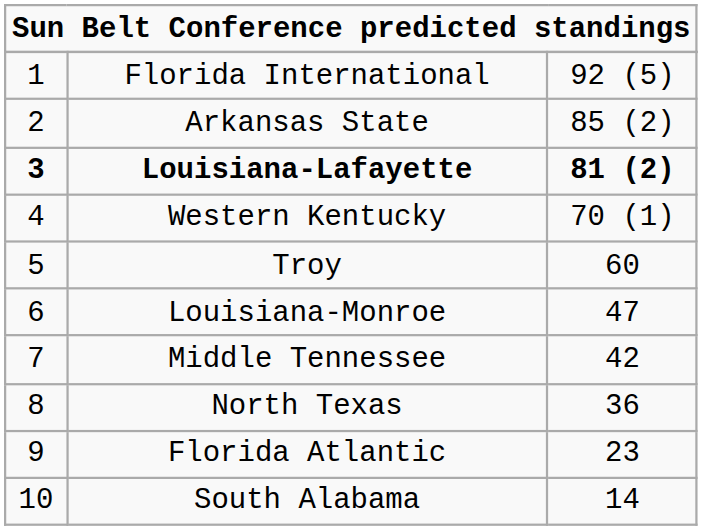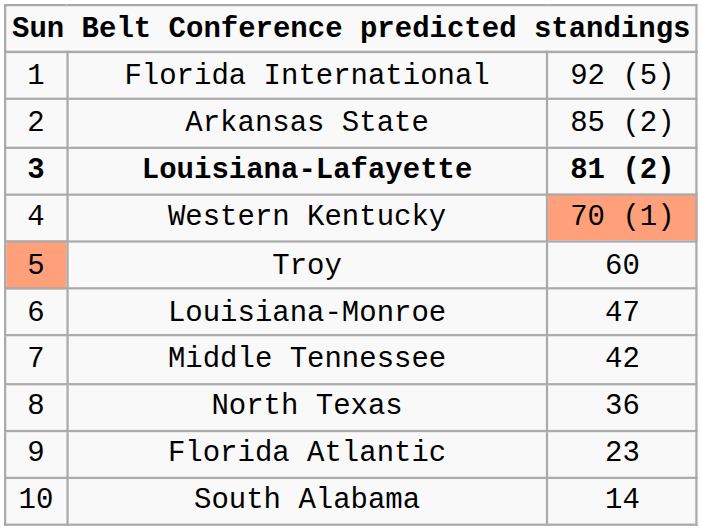 <table class= "wikitable">
 <tr align="center">
 <td align="center" Colspan="3"><strong>Sun Belt Conference predicted standings</strong></td>
 </tr>
 <tr align="center">
 </tr>
 <tr align="center">
 <td>1</td>
 <td>Florida International</td>
 <td>92 (5)</td>
 </tr>
 <tr align="center">
 <td>2</td>
 <td>Arkansas State</td>
 <td>85 (2)</td>
 </tr>
 <tr align="center">
 <td><strong>3</strong></td>
 <td><strong>Louisiana-Lafayette</strong></td>
 <td><strong>81 (2)</strong></td>
 </tr>
 <tr align="center">
 <td>4</td>
 <td>Western Kentucky</td>
-<td>70 (1)</td>
+<td style="background: lightsalmon;">70 (1)</td>
 </tr>
 <tr align="center">
-<td>5</td>
+<td style="background: lightsalmon;">5</td>
 <td>Troy</td>
 <td>60</td>
 </tr>
 <tr align="center">
 <td>6</td>
 <td>Louisiana-Monroe</td>
 <td>47</td>
 </tr>
 <tr align="center">
 <td>7</td>
 <td>Middle Tennessee</td>
 <td>42</td>
 </tr>
 <tr align="center">
 <td>8</td>
 <td>North Texas</td>
 <td>36</td>
 </tr>
 <tr align="center">
 <td>9</td>
 <td>Florida Atlantic</td>
 <td>23</td>
 </tr>
 <tr align="center">
 <td>10</td>
 <td>South Alabama</td>
 <td>14</td>
 </tr>
 </table>
